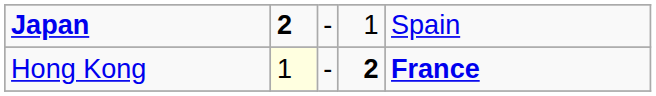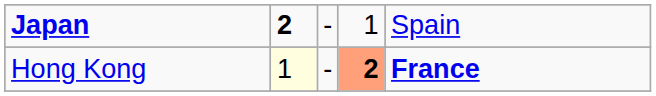 <table class="wikitable">
 <tr>
 <td width=150> <strong><a href='#'>Japan</a></strong></td>
 <td style="width:20px; text-align:left;"><strong>2</strong></td>
 <td>-</td>
 <td style="width:20px; text-align:right;">1</td>
 <td width=150> <a href='#'>Spain</a></td>
 </tr>
 <tr>
 <td> <a href='#'>Hong Kong</a></td>
 <td style="background: lightyellow; text-align:left;">1</td>
 <td>-</td>
-<td style="text-align:right;"><strong>2</strong></td>
+<td style="background: lightsalmon; text-align:right;"><strong>2</strong></td>
 <td> <strong><a href='#'>France</a></strong></td>
 </tr>
 </table>
